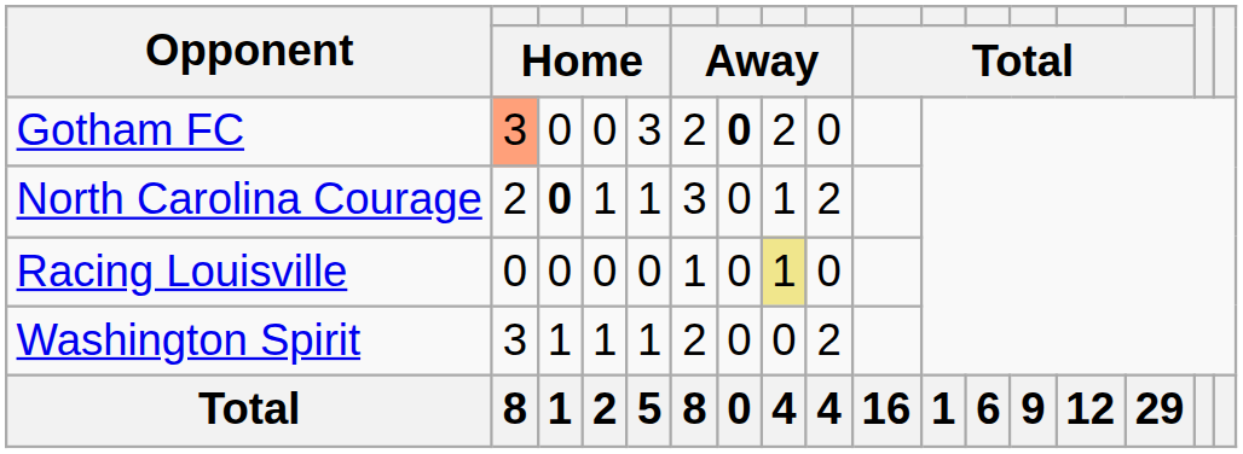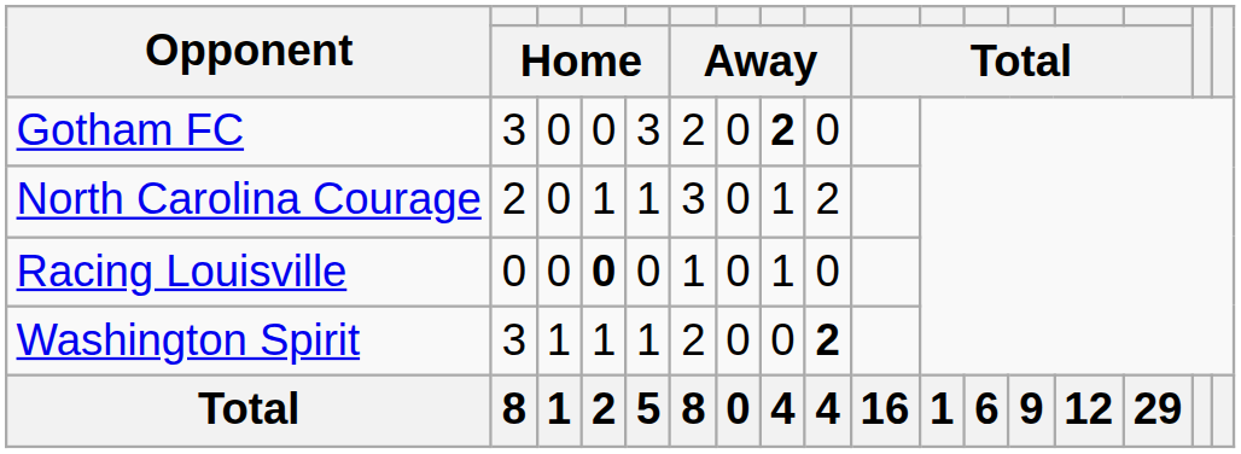 <table class="wikitable plainrowheaders sortable" style="text-align:center">
 <tr>
 <th rowspan="2" scope="col">Opponent</th>
 <th scope="col"></th>
 <th scope="col"></th>
 <th scope="col"></th>
 <th scope="col"></th>
 <th scope="col"></th>
 <th scope="col"></th>
 <th scope="col"></th>
 <th scope="col"></th>
 <th scope="col"></th>
 <th scope="col"></th>
 <th scope="col"></th>
 <th scope="col"></th>
 <th scope="col"></th>
 <th scope="col"></th>
 <th rowspan="2" scope="col"></th>
 <th rowspan="2"></th>
 </tr>
 <tr class="unsortable">
 <th colspan="4">Home</th>
 <th colspan="4">Away</th>
 <th colspan="6">Total</th>
 </tr>
 <tr>
 <td style="text-align:left"><a href='#'>Gotham FC</a></td>
-<td style="background: lightsalmon;">3</td>
+<td>3</td>
 <td>0</td>
 <td>0</td>
 <td>3</td>
 <td>2</td>
-<td><strong>0</strong></td>
-<td>2</td>
+<td>0</td>
+<td><strong>2</strong></td>
 <td>0<br></td>
 <td></td>
 </tr>
 <tr>
 <td style="text-align:left"><a href='#'>North Carolina Courage</a></td>
 <td>2</td>
-<td><strong>0</strong></td>
+<td>0</td>
 <td>1</td>
 <td>1</td>
 <td>3</td>
 <td>0</td>
 <td>1</td>
 <td>2<br></td>
 <td></td>
 </tr>
 <tr>
 <td style="text-align:left"><a href='#'>Racing Louisville</a></td>
 <td>0</td>
 <td>0</td>
-<td>0</td>
+<td><strong>0</strong></td>
 <td>0</td>
 <td>1</td>
 <td>0</td>
-<td style="background: khaki;">1</td>
+<td>1</td>
 <td>0<br></td>
 <td></td>
 </tr>
 <tr>
 <td style="text-align:left"><a href='#'>Washington Spirit</a></td>
 <td>3</td>
 <td>1</td>
 <td>1</td>
 <td>1</td>
 <td>2</td>
 <td>0</td>
 <td>0</td>
-<td>2<br></td>
+<td><strong>2<br></strong></td>
 <td></td>
 </tr>
 <tr>
 <th>Total</th>
 <th>8</th>
 <th>1</th>
 <th>2</th>
 <th>5</th>
 <th>8</th>
 <th>0</th>
 <th>4</th>
 <th>4</th>
 <th>16</th>
 <th>1</th>
 <th>6</th>
 <th>9</th>
 <th>12</th>
 <th>29</th>
 <th><br></th>
 <th></th>
 </tr>
 </table>
